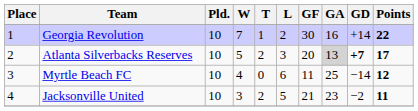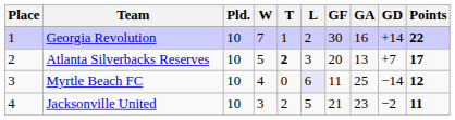 <table class="wikitable">
 <tr>
 <th>Place</th>
 <th width="200">Team</th>
 <th width="20">Pld.</th>
 <th width="20">W</th>
 <th width="20">T</th>
 <th width="20">L</th>
 <th width="20">GF</th>
 <th width="20">GA</th>
 <th width="25">GD</th>
 <th>Points</th>
 </tr>
 <tr>
 </tr>
 <tr bgcolor=#CCCCFF>
 <td>1</td>
 <td><a href='#'>Georgia Revolution</a></td>
 <td>10</td>
 <td>7</td>
 <td>1</td>
 <td>2</td>
 <td>30</td>
 <td>16</td>
 <td>+14</td>
 <td><strong>22</strong></td>
 </tr>
 <tr>
 <td>2</td>
 <td><a href='#'>Atlanta Silverbacks Reserves</a></td>
 <td>10</td>
 <td>5</td>
-<td>2</td>
+<td><strong>2</strong></td>
 <td>3</td>
 <td>20</td>
-<td style="background: lightgrey;">13</td>
-<td><strong>+7</strong></td>
+<td>13</td>
+<td>+7</td>
 <td><strong>17</strong></td>
 </tr>
 <tr>
 <td>3</td>
 <td><a href='#'>Myrtle Beach FC</a></td>
 <td>10</td>
 <td>4</td>
 <td>0</td>
-<td>6</td>
+<td style="background: lavender;">6</td>
 <td>11</td>
 <td>25</td>
 <td>−14</td>
 <td><strong>12</strong></td>
 </tr>
 <tr>
 <td>4</td>
 <td><a href='#'>Jacksonville United</a></td>
 <td>10</td>
 <td>3</td>
 <td>2</td>
 <td>5</td>
 <td>21</td>
 <td>23</td>
 <td>−2</td>
 <td><strong>11</strong></td>
 </tr>
 <tr>
 </tr>
 </table>
